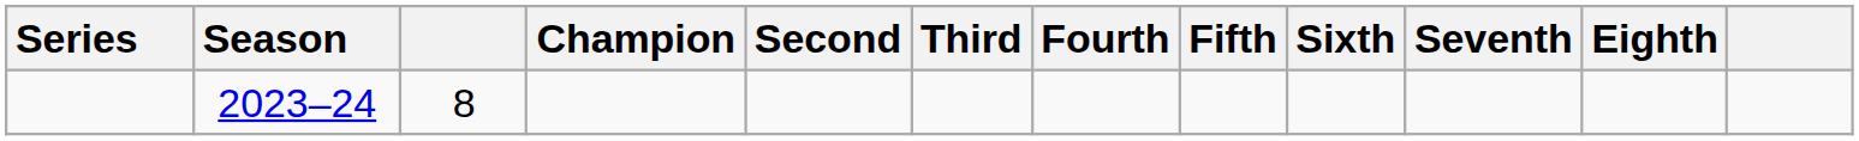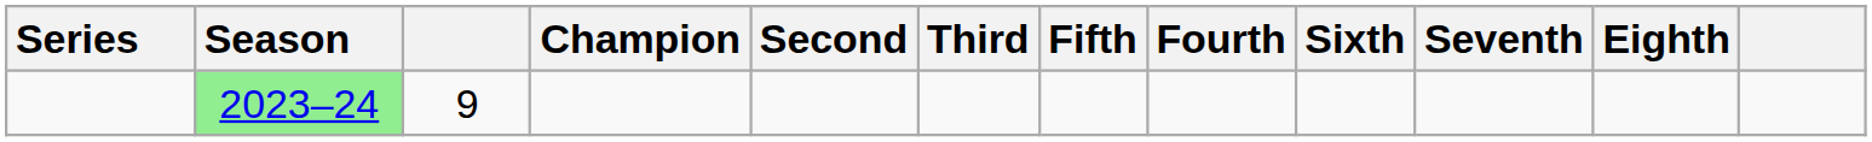 <table class = "wikitable sortable" style="text-align:center; font-size:95%;">
 <tr>
 <th style="width:4.2em; padding-right:2px; text-align:left;">Series</th>
 <th style="width:4.7em; padding-right:2px; text-align:left;">Season</th>
 <th style="width:2.7em; padding-right:2px; text-align:left;"></th>
 <th>Champion</th>
 <th>Second</th>
 <th>Third</th>
+<th>Fifth</th>
 <th>Fourth</th>
-<th>Fifth</th>
 <th>Sixth</th>
 <th>Seventh</th>
 <th>Eighth</th>
 <th style="width:2.7em; padding-right:2px; text-align:left;"></th>
 </tr>
 <tr>
 <td></td>
-<td><a href='#'>2023–24</a></td>
-<td>8</td>
+<td style="background: lightgreen;"><a href='#'>2023–24</a></td>
+<td>9</td>
 <td></td>
 <td></td>
 <td></td>
 <td></td>
 <td></td>
 <td></td>
 <td></td>
 <td></td>
 <td></td>
 </tr>
 </table>
